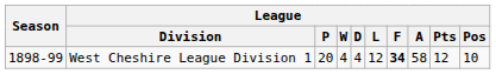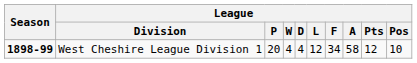 <table class="wikitable">
 <tr>
 <th rowspan="2">Season</th>
 <th colspan="9">League</th>
 </tr>
 <tr>
 <th>Division</th>
 <th>P</th>
 <th>W</th>
 <th>D</th>
 <th>L</th>
 <th>F</th>
 <th>A</th>
 <th>Pts</th>
 <th>Pos</th>
 </tr>
 <tr>
-<td>1898-99</td>
+<td><strong>1898-99</strong></td>
 <td>West Cheshire League Division 1</td>
 <td>20</td>
 <td>4</td>
 <td>4</td>
 <td>12</td>
-<td><strong>34</strong></td>
+<td>34</td>
 <td>58</td>
 <td>12</td>
 <td>10</td>
 </tr>
 </table>
